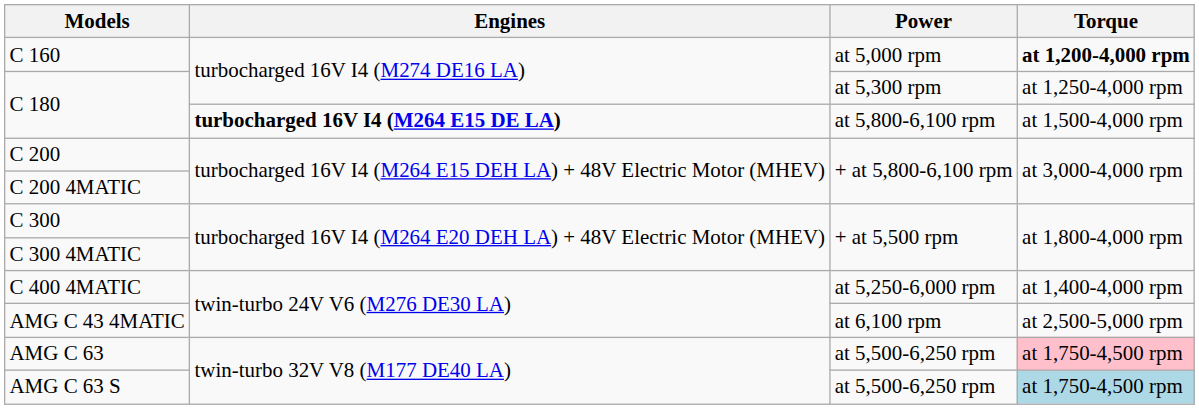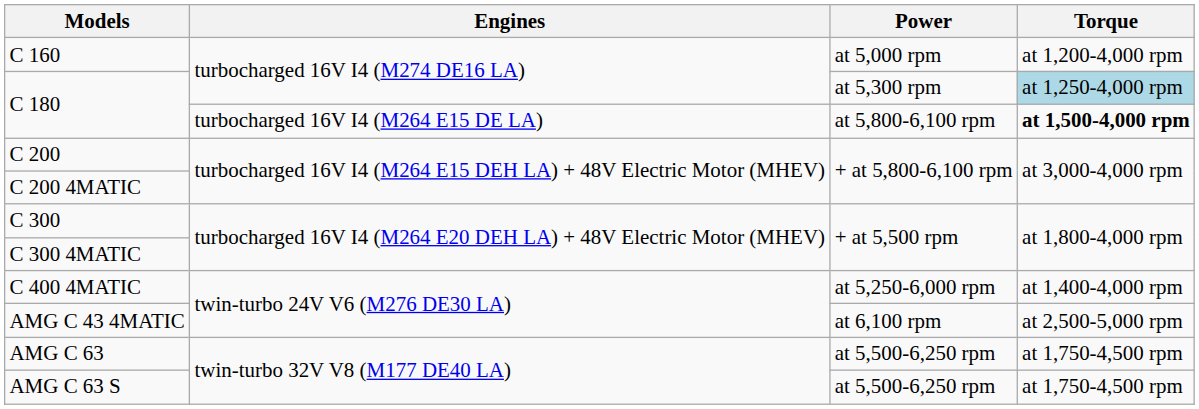 <table class="wikitable">
 <tr>
 <th>Models</th>
 <th>Engines</th>
 <th>Power</th>
 <th>Torque</th>
 </tr>
 <tr>
 <td>C 160</td>
 <td rowspan="2"> turbocharged 16V I4 (<a href='#'>M274 DE16 LA</a>)</td>
 <td> at 5,000 rpm</td>
-<td><strong> at 1,200-4,000 rpm</strong></td>
+<td> at 1,200-4,000 rpm</td>
 </tr>
 <tr>
 <td rowspan="2">C 180</td>
 <td> at 5,300 rpm</td>
-<td> at 1,250-4,000 rpm</td>
+<td style="background: lightblue;"> at 1,250-4,000 rpm</td>
 </tr>
 <tr>
-<td><strong> turbocharged 16V I4 (<a href='#'>M264 E15 DE LA</a>)</strong></td>
+<td> turbocharged 16V I4 (<a href='#'>M264 E15 DE LA</a>)</td>
 <td> at 5,800-6,100 rpm</td>
-<td> at 1,500-4,000 rpm</td>
+<td><strong> at 1,500-4,000 rpm</strong></td>
 </tr>
 <tr>
 <td>C 200</td>
 <td rowspan="2"> turbocharged 16V I4 (<a href='#'>M264 E15 DEH LA</a>) + 48V Electric Motor (MHEV)</td>
 <td rowspan="2"> +  at 5,800-6,100 rpm</td>
 <td rowspan="2"> at 3,000-4,000 rpm</td>
 </tr>
 <tr>
 <td>C 200 4MATIC</td>
 </tr>
 <tr>
 <td>C 300</td>
 <td rowspan="2"> turbocharged 16V I4 (<a href='#'>M264 E20 DEH LA</a>) + 48V Electric Motor (MHEV)</td>
 <td rowspan="2"> +  at 5,500 rpm</td>
 <td rowspan="2"> at 1,800-4,000 rpm</td>
 </tr>
 <tr>
 <td>C 300 4MATIC</td>
 </tr>
 <tr>
 <td>C 400 4MATIC</td>
 <td rowspan="2"> twin-turbo 24V V6 (<a href='#'>M276 DE30 LA</a>)</td>
 <td> at 5,250-6,000 rpm</td>
 <td> at 1,400-4,000 rpm</td>
 </tr>
 <tr>
 <td>AMG C 43 4MATIC</td>
 <td> at 6,100 rpm</td>
 <td> at 2,500-5,000 rpm</td>
 </tr>
 <tr>
 <td>AMG C 63</td>
 <td rowspan="2"> twin-turbo 32V V8 (<a href='#'>M177 DE40 LA</a>)</td>
 <td> at 5,500-6,250 rpm</td>
-<td style="background: pink;"> at 1,750-4,500 rpm</td>
+<td> at 1,750-4,500 rpm</td>
 </tr>
 <tr>
 <td>AMG C 63 S</td>
 <td> at 5,500-6,250 rpm</td>
-<td style="background: lightblue;"> at 1,750-4,500 rpm</td>
+<td> at 1,750-4,500 rpm</td>
 </tr>
 </table>
